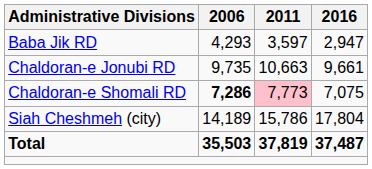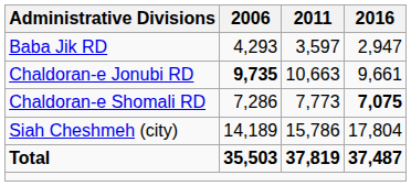 <table class="wikitable">
 <tr>
 <th>Administrative Divisions</th>
 <th>2006</th>
 <th>2011</th>
 <th>2016</th>
 </tr>
 <tr>
 <td><a href='#'>Baba Jik RD</a></td>
 <td style="text-align: right;">4,293</td>
 <td style="text-align: right;">3,597</td>
 <td style="text-align: right;">2,947</td>
 </tr>
 <tr>
 <td><a href='#'>Chaldoran-e Jonubi RD</a></td>
-<td style="text-align: right;">9,735</td>
+<td style="text-align: right;"><strong>9,735</strong></td>
 <td style="text-align: right;">10,663</td>
 <td style="text-align: right;">9,661</td>
 </tr>
 <tr>
 <td><a href='#'>Chaldoran-e Shomali RD</a></td>
-<td style="text-align: right;"><strong>7,286</strong></td>
-<td style="background: pink; text-align: right;">7,773</td>
-<td style="text-align: right;">7,075</td>
+<td style="text-align: right;">7,286</td>
+<td style="text-align: right;">7,773</td>
+<td style="text-align: right;"><strong>7,075</strong></td>
 </tr>
 <tr>
 <td><a href='#'>Siah Cheshmeh</a> (city)</td>
 <td style="text-align: right;">14,189</td>
 <td style="text-align: right;">15,786</td>
 <td style="text-align: right;">17,804</td>
 </tr>
 <tr>
 <td><strong>Total</strong></td>
 <td style="text-align: right;"><strong>35,503</strong></td>
 <td style="text-align: right;"><strong>37,819</strong></td>
 <td style="text-align: right;"><strong>37,487</strong></td>
 </tr>
 <tr>
 <td colspan=4></td>
 </tr>
 </table>
